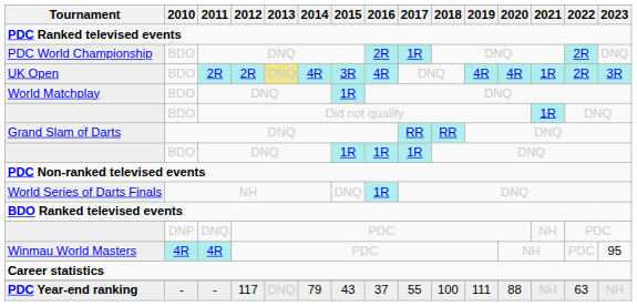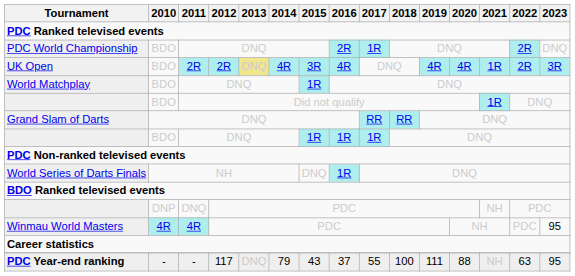 <table class="wikitable">
 <tr>
 <th>Tournament</th>
 <th>2010</th>
 <th>2011</th>
 <th>2012</th>
 <th>2013</th>
 <th>2014</th>
 <th>2015</th>
 <th>2016</th>
 <th>2017</th>
 <th>2018</th>
 <th>2019</th>
 <th>2020</th>
 <th>2021</th>
 <th>2022</th>
 <th>2023</th>
 </tr>
 <tr>
 <td colspan="31" align="left"><strong><a href='#'>PDC</a> Ranked televised events</strong></td>
 </tr>
 <tr>
 <td style="background:#efefef;"><a href='#'>PDC World Championship</a></td>
 <td colspan="1" style="text-align:center; color:#ccc;">BDO</td>
 <td colspan="5" style="text-align:center; color:#ccc;">DNQ</td>
 <td style="text-align:center; background:#afeeee;"><a href='#'>2R</a></td>
 <td style="text-align:center; background:#afeeee;"><a href='#'>1R</a></td>
 <td colspan="4" style="text-align:center; color:#ccc;">DNQ</td>
 <td style="text-align:center; background:#afeeee;"><a href='#'>2R</a></td>
 <td style="text-align:center; color:#ccc;">DNQ</td>
 </tr>
 <tr>
 <td style="background:#efefef;"><a href='#'>UK Open</a></td>
 <td colspan="1" style="text-align:center; color:#ccc;">BDO</td>
 <td style="text-align:center; background:#afeeee;"><a href='#'>2R</a></td>
 <td style="text-align:center; background:#afeeee;"><a href='#'>2R</a></td>
 <td style="background: khaki; text-align:center; color:#ccc;">DNQ</td>
 <td style="text-align:center; background:#afeeee;"><a href='#'>4R</a></td>
 <td style="text-align:center; background:#afeeee;"><a href='#'>3R</a></td>
 <td style="text-align:center; background:#afeeee;"><a href='#'>4R</a></td>
 <td colspan="2"  style="text-align:center; color:#ccc;">DNQ</td>
 <td style="text-align:center; background:#afeeee;"><a href='#'>4R</a></td>
 <td style="text-align:center; background:#afeeee;"><a href='#'>4R</a></td>
 <td style="text-align:center; background:#afeeee;"><a href='#'>1R</a></td>
 <td style="text-align:center; background:#afeeee;"><a href='#'>2R</a></td>
 <td style="text-align:center; background:#afeeee;"><a href='#'>3R</a></td>
 </tr>
 <tr>
 <td style="background:#efefef;"><a href='#'>World Matchplay</a></td>
 <td colspan="1" style="text-align:center; color:#ccc;">BDO</td>
 <td colspan="4"  style="text-align:center; color:#ccc;">DNQ</td>
 <td style="text-align:center; background:#afeeee;"><a href='#'>1R</a></td>
 <td colspan="8"  style="text-align:center; color:#ccc;">DNQ</td>
 </tr>
 <tr>
 <td style="background:#efefef;"></td>
 <td colspan="1" style="text-align:center; color:#ccc;">BDO</td>
 <td colspan="10"  style="text-align:center; color:#ccc;">Did not qualify</td>
 <td style="text-align:center; background:#afeeee;"><a href='#'>1R</a></td>
 <td colspan="2"  style="text-align:center; color:#ccc;">DNQ</td>
 </tr>
 <tr>
 <td style="background:#efefef;"><a href='#'>Grand Slam of Darts</a></td>
 <td colspan="7"  style="text-align:center; color:#ccc;">DNQ</td>
 <td style="text-align:center; background:#afeeee;"><a href='#'>RR</a></td>
 <td style="text-align:center; background:#afeeee;"><a href='#'>RR</a></td>
 <td colspan="5"  style="text-align:center; color:#ccc;">DNQ</td>
 </tr>
 <tr>
 <td style="background:#efefef;"></td>
 <td colspan="1" style="text-align:center; color:#ccc;">BDO</td>
 <td colspan="4"  style="text-align:center; color:#ccc;">DNQ</td>
 <td style="text-align:center; background:#afeeee;"><a href='#'>1R</a></td>
 <td style="text-align:center; background:#afeeee;"><a href='#'>1R</a></td>
 <td style="text-align:center; background:#afeeee;"><a href='#'>1R</a></td>
 <td colspan="6" style="text-align:center; color:#ccc;">DNQ</td>
 </tr>
 <tr>
 <td colspan="21" align="left"><strong><a href='#'>PDC</a> Non-ranked televised events</strong></td>
 </tr>
 <tr>
 <td style="background:#efefef;"><a href='#'>World Series of Darts Finals</a></td>
 <td colspan="5" style="text-align:center; color:#ccc;">NH</td>
 <td style ="text-align:center; color:#ccc;">DNQ</td>
 <td style="text-align:center; background:#afeeee;"><a href='#'>1R</a></td>
 <td colspan="7" style="text-align:center; color:#ccc;">DNQ</td>
 </tr>
 <tr>
 <td colspan="31" align="left"><strong><a href='#'>BDO</a> Ranked televised events</strong></td>
 </tr>
 <tr>
 <td style="background:#efefef;"></td>
 <td colspan="1" style="text-align:center; color:#ccc;">DNP</td>
 <td colspan="1" style="text-align:center; color:#ccc;">DNQ</td>
 <td colspan="9" style="text-align:center; color:#ccc;">PDC</td>
 <td colspan="1" style="text-align:center; color:#ccc;">NH</td>
 <td colspan="2" style="text-align:center; color:#ccc;">PDC</td>
 </tr>
 <tr>
 <td style="background:#efefef;"><a href='#'>Winmau World Masters</a></td>
 <td style="text-align:center; background:#afeeee;"><a href='#'>4R</a></td>
 <td style="text-align:center; background:#afeeee;"><a href='#'>4R</a></td>
 <td colspan="8" style="text-align:center; color:#ccc;">PDC</td>
 <td colspan="2" style="text-align:center; color:#ccc;">NH</td>
 <td colspan="1" style="text-align:center; color:#ccc;">PDC</td>
 <td style="text-align:center;">95</td>
 </tr>
 <tr>
 <td colspan="15" align="left"><strong>Career statistics</strong></td>
 </tr>
 <tr>
 </tr>
 <tr bgcolor="efefef">
 <td align="left"><strong><a href='#'>PDC</a> Year-end ranking</strong></td>
 <td style="text-align:center;">-</td>
 <td style="text-align:center;">-</td>
 <td style="text-align:center;">117 <br></td>
 <td style="text-align:center; color:#ccc;">DNQ</td>
 <td style="text-align:center;">79 <br></td>
 <td style="text-align:center;">43</td>
 <td style="text-align:center;">37</td>
 <td style="text-align:center;">55</td>
 <td style="text-align:center;">100</td>
 <td style="text-align:center;">111 <br></td>
 <td style="text-align:center;">88</td>
 <td colspan="1" style="text-align:center; color:#ccc;">NH</td>
 <td style="text-align:center;">63</td>
-<td colspan="1" style="text-align:center; color:#ccc;">NH</td>
+<td style="text-align:center;">95</td>
 </tr>
 </table>
